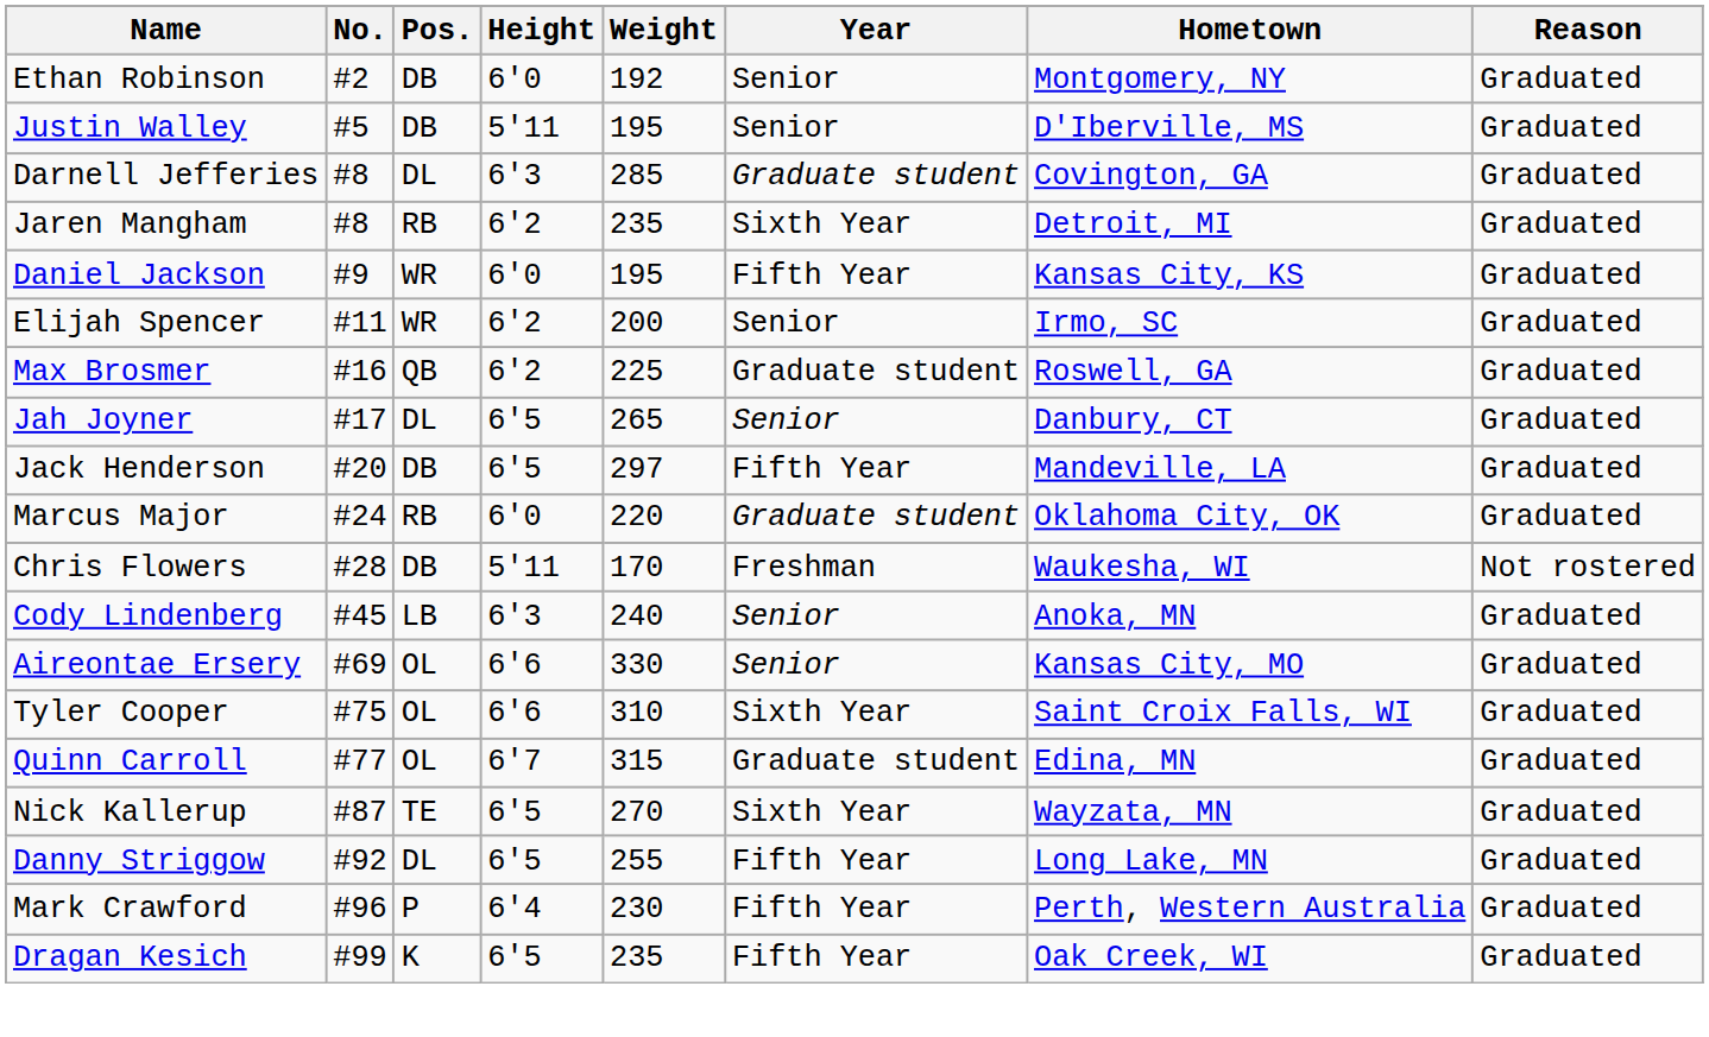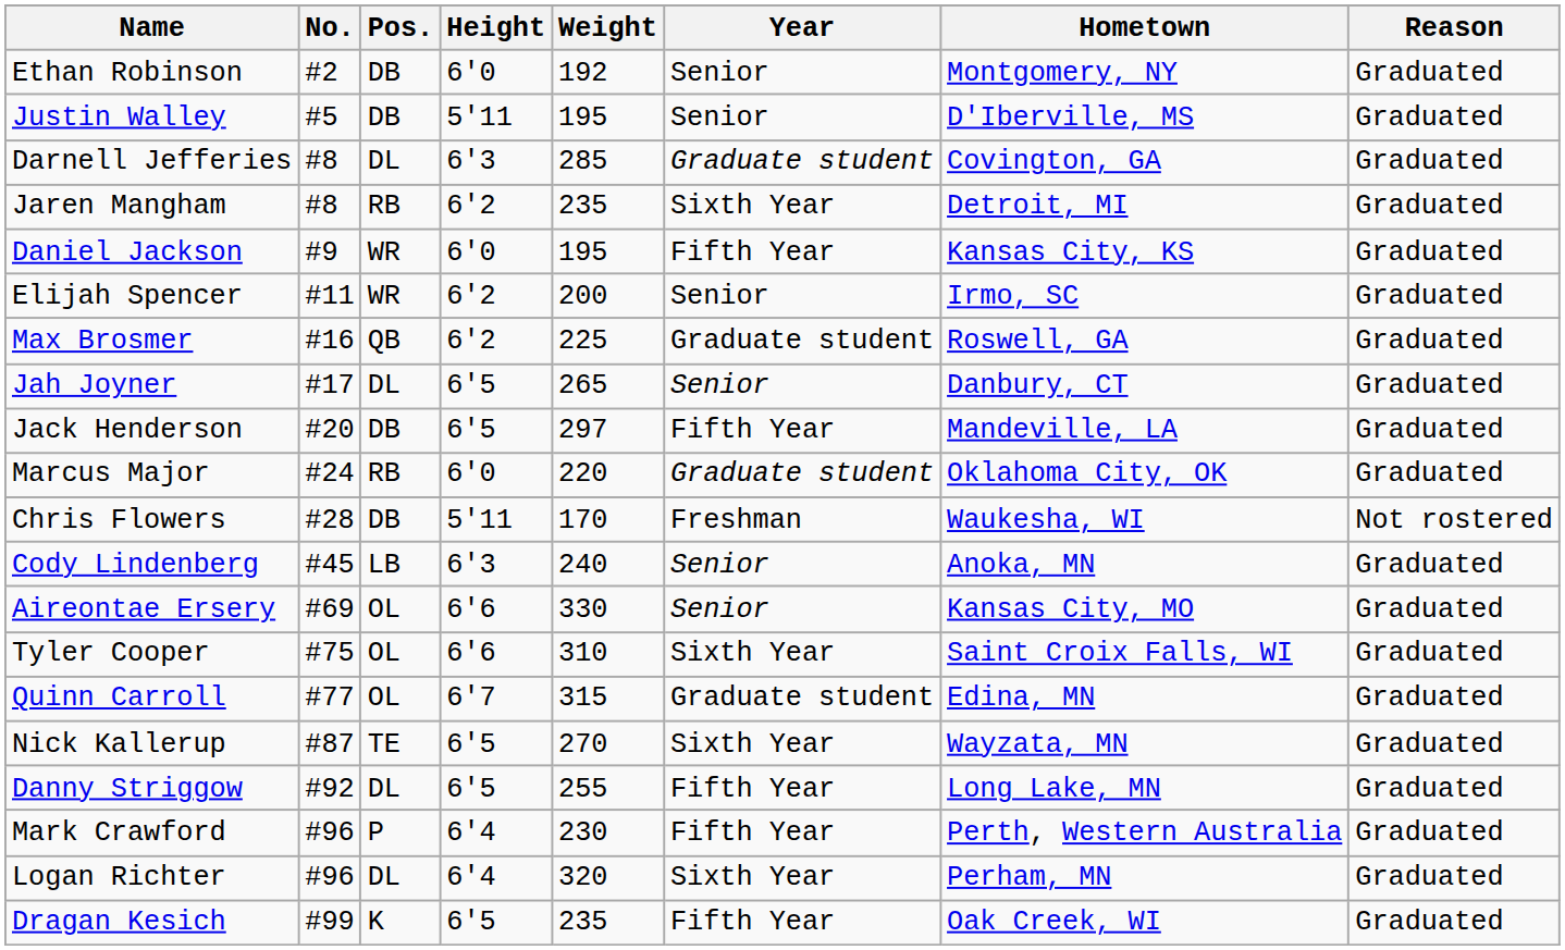 <table class="wikitable sortable sortable">
 <tr>
 </tr>
 <tr>
 <th style="text-align:center; ">Name</th>
 <th style="text-align:center; ">No.</th>
 <th style="text-align:center; ">Pos.</th>
 <th style="text-align:center; ">Height</th>
 <th style="text-align:center; ">Weight</th>
 <th style="text-align:center; ">Year</th>
 <th style="text-align:center; ">Hometown</th>
 <th style="text-align:center; ">Reason</th>
 </tr>
 <tr>
 <td>Ethan Robinson</td>
 <td>#2</td>
 <td>DB</td>
 <td>6'0</td>
 <td>192</td>
 <td>Senior</td>
 <td><a href='#'>Montgomery, NY</a></td>
 <td>Graduated</td>
 </tr>
 <tr>
 <td><a href='#'>Justin Walley</a></td>
 <td>#5</td>
 <td>DB</td>
 <td>5'11</td>
 <td>195</td>
 <td>Senior</td>
 <td><a href='#'>D'Iberville, MS</a></td>
 <td>Graduated</td>
 </tr>
 <tr>
 <td>Darnell Jefferies</td>
 <td>#8</td>
 <td>DL</td>
 <td>6'3</td>
 <td>285</td>
 <td><em> Graduate student</em></td>
 <td><a href='#'>Covington, GA</a></td>
 <td>Graduated</td>
 </tr>
 <tr>
 <td>Jaren Mangham</td>
 <td>#8</td>
 <td>RB</td>
 <td>6'2</td>
 <td>235</td>
 <td>Sixth Year</td>
 <td><a href='#'>Detroit, MI</a></td>
 <td>Graduated</td>
 </tr>
 <tr>
 <td><a href='#'>Daniel Jackson</a></td>
 <td>#9</td>
 <td>WR</td>
 <td>6'0</td>
 <td>195</td>
 <td>Fifth Year</td>
 <td><a href='#'>Kansas City, KS</a></td>
 <td>Graduated</td>
 </tr>
 <tr>
 <td>Elijah Spencer</td>
 <td>#11</td>
 <td>WR</td>
 <td>6'2</td>
 <td>200</td>
 <td>Senior</td>
 <td><a href='#'>Irmo, SC</a></td>
 <td>Graduated</td>
 </tr>
 <tr>
 <td><a href='#'>Max Brosmer</a></td>
 <td>#16</td>
 <td>QB</td>
 <td>6'2</td>
 <td>225</td>
 <td>Graduate student</td>
 <td><a href='#'>Roswell, GA</a></td>
 <td>Graduated</td>
 </tr>
 <tr>
 <td><a href='#'>Jah Joyner</a></td>
 <td>#17</td>
 <td>DL</td>
 <td>6'5</td>
 <td>265</td>
 <td><em> Senior</em></td>
 <td><a href='#'>Danbury, CT</a></td>
 <td>Graduated</td>
 </tr>
 <tr>
 <td>Jack Henderson</td>
 <td>#20</td>
 <td>DB</td>
 <td>6'5</td>
 <td>297</td>
 <td>Fifth Year</td>
 <td><a href='#'>Mandeville, LA</a></td>
 <td>Graduated</td>
 </tr>
 <tr>
 <td>Marcus Major</td>
 <td>#24</td>
 <td>RB</td>
 <td>6'0</td>
 <td>220</td>
 <td><em> Graduate student</em></td>
 <td><a href='#'>Oklahoma City, OK</a></td>
 <td>Graduated</td>
 </tr>
 <tr>
 <td>Chris Flowers</td>
 <td>#28</td>
 <td>DB</td>
 <td>5'11</td>
 <td>170</td>
 <td>Freshman</td>
 <td><a href='#'>Waukesha, WI</a></td>
 <td>Not rostered</td>
 </tr>
 <tr>
 <td><a href='#'>Cody Lindenberg</a></td>
 <td>#45</td>
 <td>LB</td>
 <td>6'3</td>
 <td>240</td>
 <td><em> Senior</em></td>
 <td><a href='#'>Anoka, MN</a></td>
 <td>Graduated</td>
 </tr>
 <tr>
 <td><a href='#'>Aireontae Ersery</a></td>
 <td>#69</td>
 <td>OL</td>
 <td>6'6</td>
 <td>330</td>
 <td><em> Senior</em></td>
 <td><a href='#'>Kansas City, MO</a></td>
 <td>Graduated</td>
 </tr>
 <tr>
 <td>Tyler Cooper</td>
 <td>#75</td>
 <td>OL</td>
 <td>6'6</td>
 <td>310</td>
 <td>Sixth Year</td>
 <td><a href='#'>Saint Croix Falls, WI</a></td>
 <td>Graduated</td>
 </tr>
 <tr>
 <td><a href='#'>Quinn Carroll</a></td>
 <td>#77</td>
 <td>OL</td>
 <td>6'7</td>
 <td>315</td>
 <td>Graduate student</td>
 <td><a href='#'>Edina, MN</a></td>
 <td>Graduated</td>
 </tr>
 <tr>
 <td>Nick Kallerup</td>
 <td>#87</td>
 <td>TE</td>
 <td>6'5</td>
 <td>270</td>
 <td>Sixth Year</td>
 <td><a href='#'>Wayzata, MN</a></td>
 <td>Graduated</td>
 </tr>
 <tr>
 <td><a href='#'>Danny Striggow</a></td>
 <td>#92</td>
 <td>DL</td>
 <td>6'5</td>
 <td>255</td>
 <td>Fifth Year</td>
 <td><a href='#'>Long Lake, MN</a></td>
 <td>Graduated</td>
 </tr>
 <tr>
 <td>Mark Crawford</td>
 <td>#96</td>
 <td>P</td>
 <td>6'4</td>
 <td>230</td>
 <td>Fifth Year</td>
 <td><a href='#'>Perth</a>, <a href='#'>Western Australia</a></td>
 <td>Graduated</td>
 </tr>
 <tr>
+<td>Logan Richter</td>
+<td>#96</td>
+<td>DL</td>
+<td>6'4</td>
+<td>320</td>
+<td>Sixth Year</td>
+<td><a href='#'>Perham, MN</a></td>
+<td>Graduated</td>
+</tr>
+<tr>
 <td><a href='#'>Dragan Kesich</a></td>
 <td>#99</td>
 <td>K</td>
 <td>6'5</td>
 <td>235</td>
 <td>Fifth Year</td>
 <td><a href='#'>Oak Creek, WI</a></td>
 <td>Graduated</td>
 </tr>
 </table>
